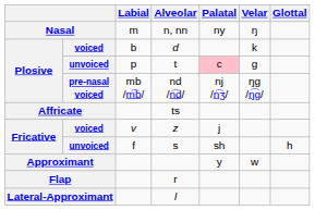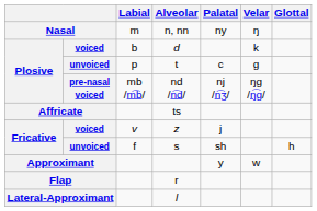 <table class="wikitable" style="margin:autmargin:auto;">
 <tr>
 <th colspan="2"></th>
 <th><a href='#'>Labial</a></th>
 <th><a href='#'>Alveolar</a></th>
 <th><a href='#'>Palatal</a></th>
 <th><a href='#'>Velar</a></th>
 <th><a href='#'>Glottal</a></th>
 </tr>
 <tr style="text-align:center;">
 <th colspan="2"><a href='#'>Nasal</a></th>
 <td>m<br></td>
 <td>n, nn <br></td>
 <td>ny<br></td>
 <td>ŋ<br></td>
 <td></td>
 </tr>
 <tr style="text-align:center;">
 <th rowspan="3"><a href='#'>Plosive</a></th>
 <th><small><a href='#'>voiced</a></small></th>
 <td>b<br></td>
 <td><em>d</em><br></td>
 <td></td>
 <td>k<br></td>
 <td></td>
 </tr>
 <tr style="text-align:center;">
 <th><small><a href='#'>unvoiced</a></small></th>
 <td>p<br></td>
 <td>t<br></td>
-<td style="background: pink;">c<br></td>
+<td>c<br></td>
 <td>g<br></td>
 <td></td>
 </tr>
 <tr style="text-align:center;">
 <th><small><a href='#'>pre-nasal</a></small><br><small><a href='#'>voiced</a></small></th>
 <td>mb<br>/<a href='#'>m͡b</a>/</td>
 <td>nd<br>/<a href='#'>n͡d</a>/</td>
 <td>nj<br>/<a href='#'>n͡ʒ</a>/</td>
 <td>ŋg<br>/<a href='#'>ŋ͡g</a>/</td>
 <td></td>
 </tr>
 <tr style="text-align:center;">
 <th colspan="2"><a href='#'>Affricate</a></th>
 <td></td>
 <td>ts<br></td>
 <td></td>
 <td></td>
 <td></td>
 </tr>
 <tr style="text-align:center;">
 <th rowspan="2"><a href='#'>Fricative</a></th>
 <th><small><a href='#'>voiced</a></small></th>
 <td><em>v</em><br></td>
 <td><em>z</em><br></td>
 <td>j<br></td>
 <td></td>
 <td></td>
 </tr>
 <tr style="text-align:center;">
 <th><small><a href='#'>unvoiced</a></small></th>
 <td>f<br></td>
 <td>s<br></td>
 <td>sh<br></td>
 <td></td>
 <td>h<br></td>
 </tr>
 <tr style="text-align:center;">
 <th colspan="2"><a href='#'>Approximant</a></th>
 <td></td>
 <td></td>
 <td>y<br></td>
 <td>w<br></td>
 <td></td>
 </tr>
 <tr style="text-align:center;">
 <th colspan="2"><a href='#'>Flap</a></th>
 <td></td>
 <td>r<br></td>
 <td></td>
 <td></td>
 <td></td>
 </tr>
 <tr style="text-align:center;">
 <th colspan="2"><a href='#'>Lateral-Approximant</a></th>
 <td></td>
 <td><em>l</em><br></td>
 <td></td>
 <td></td>
 <td></td>
 </tr>
 </table>
